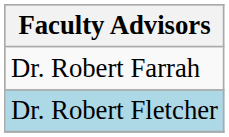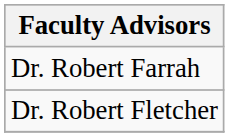 <table class="wikitable" border="1">
 <tr>
 <th>Faculty Advisors</th>
 </tr>
 <tr>
 <td>Dr. Robert Farrah</td>
 </tr>
 <tr>
-<td style="background: lightblue;">Dr. Robert Fletcher</td>
+<td>Dr. Robert Fletcher</td>
 </tr>
 <tr>
 </tr>
 </table>
